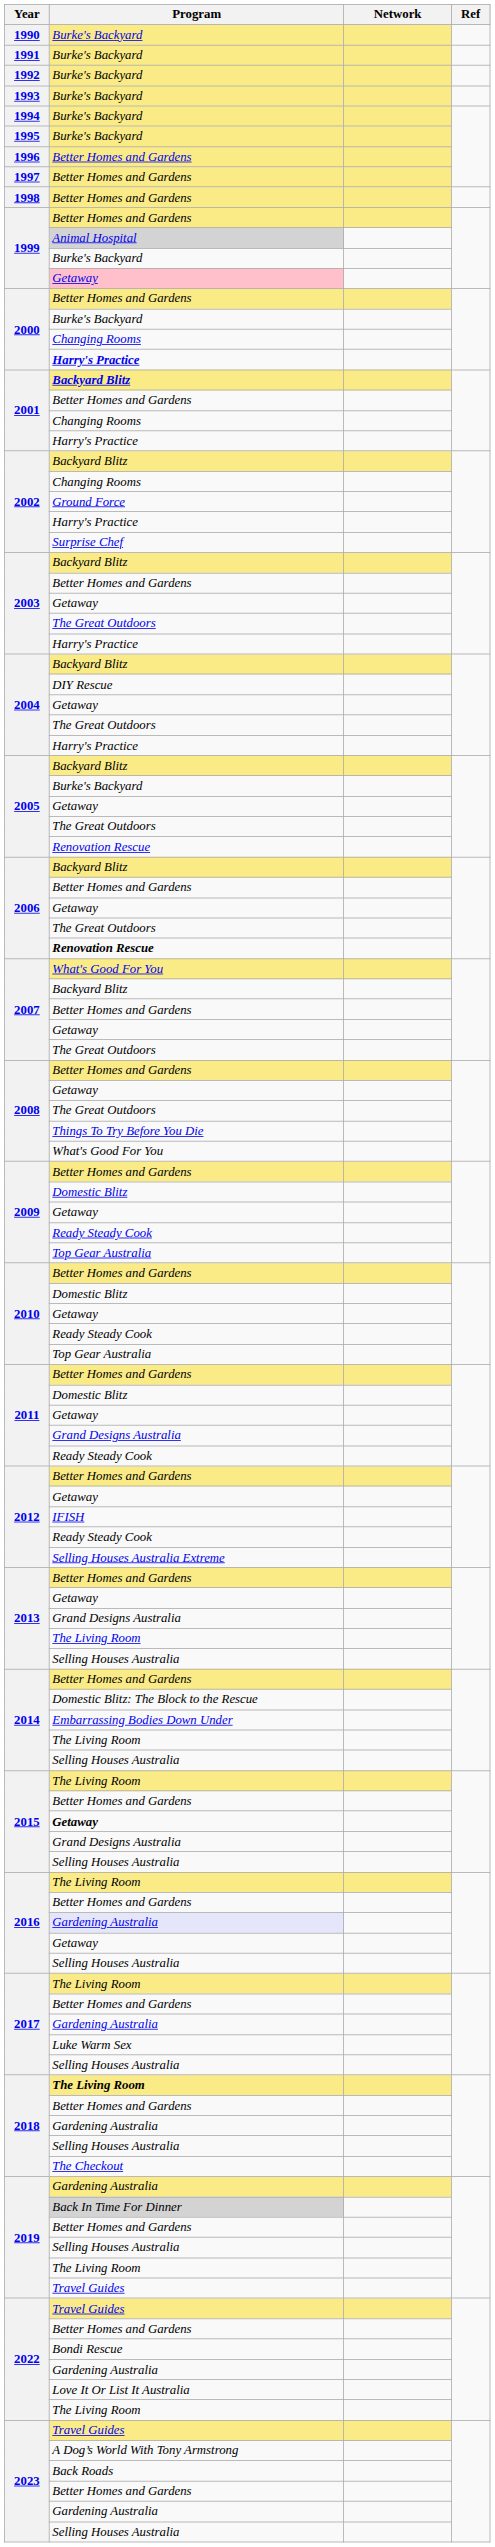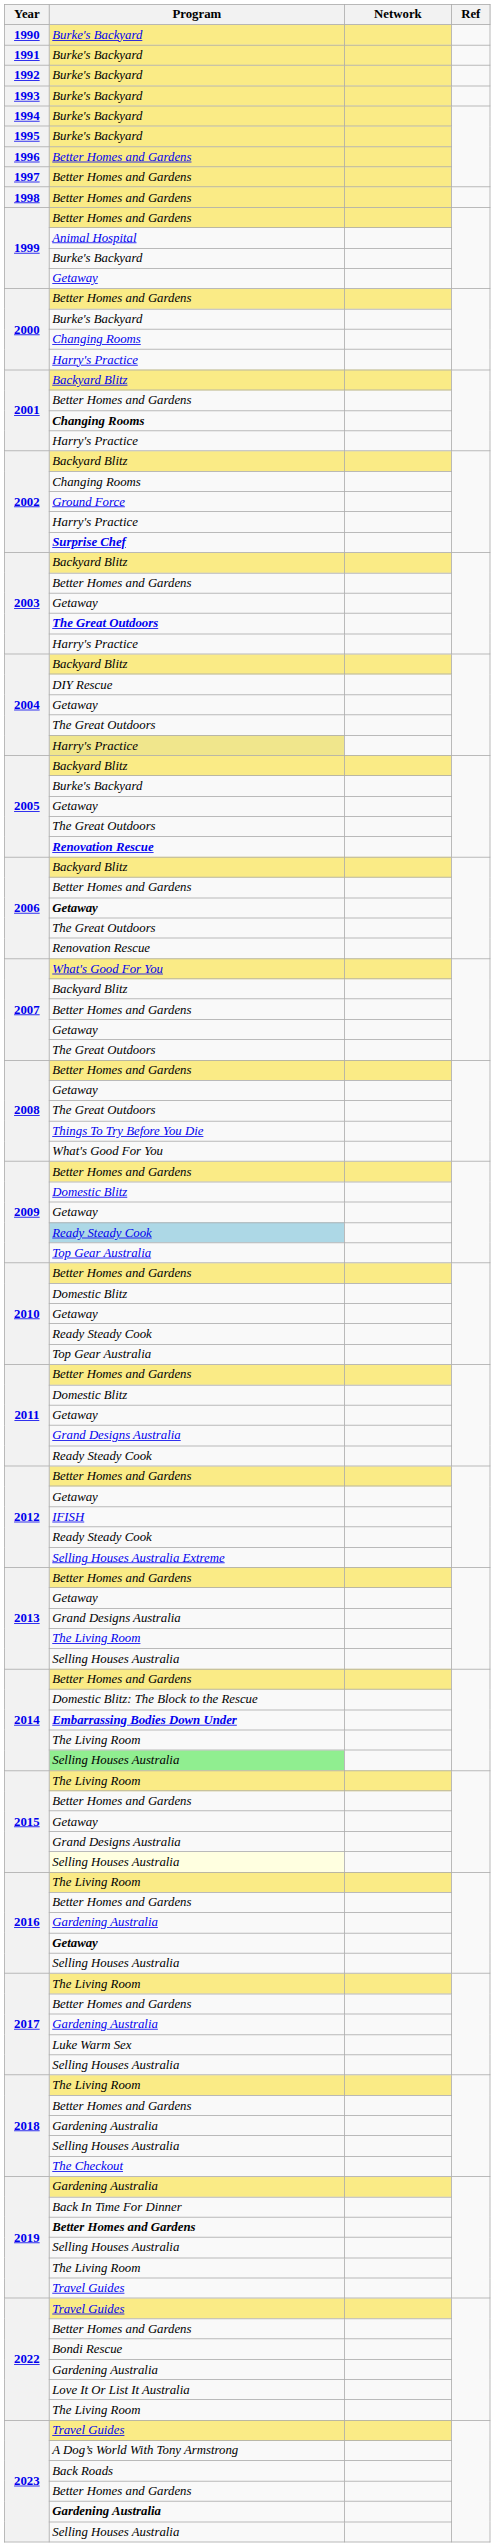 <table class="wikitable sortable">
 <tr style="background:#bebebe;">
 <th scope="col" style="width:1%;">Year</th>
 <th scope="col" style="width:16%;">Program</th>
 <th scope="col" style="width:4%;">Network</th>
 <th scope="col" style="width:1%;" class="unsortable">Ref</th>
 </tr>
 <tr>
 <th scope="row" style="text-align:center"><a href='#'>1990</a></th>
 <td style="background:#FAEB86"><em><a href='#'>Burke's Backyard</a></em></td>
 <td style="background:#FAEB86"></td>
 <td></td>
 </tr>
 <tr>
 <th scope="row" style="text-align:center"><a href='#'>1991</a></th>
 <td style="background:#FAEB86"><em>Burke's Backyard</em></td>
 <td style="background:#FAEB86"></td>
 <td></td>
 </tr>
 <tr>
 <th scope="row" style="text-align:center"><a href='#'>1992</a></th>
 <td style="background:#FAEB86"><em>Burke's Backyard</em></td>
 <td style="background:#FAEB86"></td>
 <td></td>
 </tr>
 <tr>
 <th scope="row" style="text-align:center"><a href='#'>1993</a></th>
 <td style="background:#FAEB86"><em>Burke's Backyard</em></td>
 <td style="background:#FAEB86"></td>
 <td></td>
 </tr>
 <tr>
 <th scope="row" style="text-align:center"><a href='#'>1994</a></th>
 <td style="background:#FAEB86"><em>Burke's Backyard</em></td>
 <td style="background:#FAEB86"></td>
 <td rowspan="4"></td>
 </tr>
 <tr>
 <th scope="row" style="text-align:center"><a href='#'>1995</a></th>
 <td style="background:#FAEB86"><em>Burke's Backyard</em></td>
 <td style="background:#FAEB86"></td>
 </tr>
 <tr>
 <th scope="row" style="text-align:center"><a href='#'>1996</a></th>
 <td style="background:#FAEB86"><em><a href='#'>Better Homes and Gardens</a></em></td>
 <td style="background:#FAEB86"></td>
 </tr>
 <tr>
 <th scope="row" style="text-align:center"><a href='#'>1997</a></th>
 <td style="background:#FAEB86"><em>Better Homes and Gardens</em></td>
 <td style="background:#FAEB86"></td>
 </tr>
 <tr>
 <th scope="row" style="text-align:center"><a href='#'>1998</a></th>
 <td style="background:#FAEB86"><em>Better Homes and Gardens</em></td>
 <td style="background:#FAEB86"></td>
 <td></td>
 </tr>
 <tr>
 <th scope="row" rowspan="4" style="text-align:center"><a href='#'>1999</a></th>
 <td style="background:#FAEB86"><em>Better Homes and Gardens</em></td>
 <td style="background:#FAEB86"></td>
 <td rowspan="4"></td>
 </tr>
 <tr>
-<td style="background: lightgrey;"><em><a href='#'>Animal Hospital</a></em></td>
+<td><em><a href='#'>Animal Hospital</a></em></td>
 <td></td>
 </tr>
 <tr>
 <td><em>Burke's Backyard</em></td>
 <td></td>
 </tr>
 <tr>
-<td style="background: pink;"><em><a href='#'>Getaway</a></em></td>
+<td><em><a href='#'>Getaway</a></em></td>
 <td></td>
 </tr>
 <tr>
 <th scope="row" rowspan="4" style="text-align:center"><a href='#'>2000</a></th>
 <td style="background:#FAEB86"><em>Better Homes and Gardens</em></td>
 <td style="background:#FAEB86"></td>
 <td rowspan="4"></td>
 </tr>
 <tr>
 <td><em>Burke's Backyard</em></td>
 <td></td>
 </tr>
 <tr>
 <td><em><a href='#'>Changing Rooms</a></em></td>
 <td></td>
 </tr>
 <tr>
-<td><strong><em><a href='#'>Harry's Practice</a></em></strong></td>
+<td><em><a href='#'>Harry's Practice</a></em></td>
 <td></td>
 </tr>
 <tr>
 <th scope="row" rowspan="4" style="text-align:center"><a href='#'>2001</a></th>
-<td style="background:#FAEB86"><strong><em><a href='#'>Backyard Blitz</a></em></strong></td>
+<td style="background:#FAEB86"><em><a href='#'>Backyard Blitz</a></em></td>
 <td style="background:#FAEB86"></td>
 <td rowspan="4"></td>
 </tr>
 <tr>
 <td><em>Better Homes and Gardens</em></td>
 <td></td>
 </tr>
 <tr>
-<td><em>Changing Rooms</em></td>
+<td><strong><em>Changing Rooms</em></strong></td>
 <td></td>
 </tr>
 <tr>
 <td><em>Harry's Practice</em></td>
 <td></td>
 </tr>
 <tr>
 <th scope="row" rowspan="5" style="text-align:center"><a href='#'>2002</a></th>
 <td style="background:#FAEB86"><em>Backyard Blitz</em></td>
 <td style="background:#FAEB86"></td>
 <td rowspan="5"></td>
 </tr>
 <tr>
 <td><em>Changing Rooms</em></td>
 <td></td>
 </tr>
 <tr>
 <td><em><a href='#'>Ground Force</a></em></td>
 <td></td>
 </tr>
 <tr>
 <td><em>Harry's Practice</em></td>
 <td></td>
 </tr>
 <tr>
-<td><em><a href='#'>Surprise Chef</a></em></td>
+<td><strong><em><a href='#'>Surprise Chef</a></em></strong></td>
 <td></td>
 </tr>
 <tr>
 <th scope="row" rowspan="5" style="text-align:center"><a href='#'>2003</a></th>
 <td style="background:#FAEB86"><em>Backyard Blitz</em></td>
 <td style="background:#FAEB86"></td>
 <td rowspan="5"></td>
 </tr>
 <tr>
 <td><em>Better Homes and Gardens</em></td>
 <td></td>
 </tr>
 <tr>
 <td><em>Getaway</em></td>
 <td></td>
 </tr>
 <tr>
-<td><em><a href='#'>The Great Outdoors</a></em></td>
+<td><strong><em><a href='#'>The Great Outdoors</a></em></strong></td>
 <td></td>
 </tr>
 <tr>
 <td><em>Harry's Practice</em></td>
 <td></td>
 </tr>
 <tr>
 <th scope="row" rowspan="5" style="text-align:center"><a href='#'>2004</a></th>
 <td style="background:#FAEB86"><em>Backyard Blitz</em></td>
 <td style="background:#FAEB86"></td>
 <td rowspan="5"></td>
 </tr>
 <tr>
 <td><em>DIY Rescue</em></td>
 <td></td>
 </tr>
 <tr>
 <td><em>Getaway</em></td>
 <td></td>
 </tr>
 <tr>
 <td><em>The Great Outdoors</em></td>
 <td></td>
 </tr>
 <tr>
-<td><em>Harry's Practice</em></td>
+<td style="background: khaki;"><em>Harry's Practice</em></td>
 <td></td>
 </tr>
 <tr>
 <th scope="row" rowspan="5" style="text-align:center"><a href='#'>2005</a></th>
 <td style="background:#FAEB86"><em>Backyard Blitz</em></td>
 <td style="background:#FAEB86"></td>
 <td rowspan="5"></td>
 </tr>
 <tr>
 <td><em>Burke's Backyard</em></td>
 <td></td>
 </tr>
 <tr>
 <td><em>Getaway</em></td>
 <td></td>
 </tr>
 <tr>
 <td><em>The Great Outdoors</em></td>
 <td></td>
 </tr>
 <tr>
-<td><em><a href='#'>Renovation Rescue</a></em></td>
+<td><strong><em><a href='#'>Renovation Rescue</a></em></strong></td>
 <td></td>
 </tr>
 <tr>
 <th scope="row" rowspan="5" style="text-align:center"><a href='#'>2006</a></th>
 <td style="background:#FAEB86"><em>Backyard Blitz</em></td>
 <td style="background:#FAEB86"></td>
 <td rowspan="5"></td>
 </tr>
 <tr>
 <td><em>Better Homes and Gardens</em></td>
 <td></td>
 </tr>
 <tr>
-<td><em>Getaway</em></td>
+<td><strong><em>Getaway</em></strong></td>
 <td></td>
 </tr>
 <tr>
 <td><em>The Great Outdoors</em></td>
 <td></td>
 </tr>
 <tr>
-<td><strong><em>Renovation Rescue</em></strong></td>
+<td><em>Renovation Rescue</em></td>
 <td></td>
 </tr>
 <tr>
 <th scope="row" rowspan="5" style="text-align:center"><a href='#'>2007</a></th>
 <td style="background:#FAEB86"><em><a href='#'>What's Good For You</a></em></td>
 <td style="background:#FAEB86"></td>
 <td rowspan="5"></td>
 </tr>
 <tr>
 <td><em>Backyard Blitz</em></td>
 <td></td>
 </tr>
 <tr>
 <td><em>Better Homes and Gardens</em></td>
 <td></td>
 </tr>
 <tr>
 <td><em>Getaway</em></td>
 <td></td>
 </tr>
 <tr>
 <td><em>The Great Outdoors</em></td>
 <td></td>
 </tr>
 <tr>
 <th scope="row" rowspan="5" style="text-align:center"><a href='#'>2008</a></th>
 <td style="background:#FAEB86"><em>Better Homes and Gardens</em></td>
 <td style="background:#FAEB86"></td>
 <td rowspan="5"></td>
 </tr>
 <tr>
 <td><em>Getaway</em></td>
 <td></td>
 </tr>
 <tr>
 <td><em>The Great Outdoors</em></td>
 <td></td>
 </tr>
 <tr>
 <td><em><a href='#'>Things To Try Before You Die</a></em></td>
 <td></td>
 </tr>
 <tr>
 <td><em>What's Good For You</em></td>
 <td></td>
 </tr>
 <tr>
 <th scope="row" rowspan="5" style="text-align:center"><a href='#'>2009</a></th>
 <td style="background:#FAEB86"><em>Better Homes and Gardens</em></td>
 <td style="background:#FAEB86"></td>
 <td rowspan="5"></td>
 </tr>
 <tr>
 <td><em><a href='#'>Domestic Blitz</a></em></td>
 <td></td>
 </tr>
 <tr>
 <td><em>Getaway</em></td>
 <td></td>
 </tr>
 <tr>
-<td><em><a href='#'>Ready Steady Cook</a></em></td>
+<td style="background: lightblue;"><em><a href='#'>Ready Steady Cook</a></em></td>
 <td></td>
 </tr>
 <tr>
 <td><em><a href='#'>Top Gear Australia</a></em></td>
 <td></td>
 </tr>
 <tr>
 <th scope="row" rowspan="5" style="text-align:center"><a href='#'>2010</a></th>
 <td style="background:#FAEB86"><em>Better Homes and Gardens</em></td>
 <td style="background:#FAEB86"></td>
 <td rowspan="5"></td>
 </tr>
 <tr>
 <td><em>Domestic Blitz</em></td>
 <td></td>
 </tr>
 <tr>
 <td><em>Getaway</em></td>
 <td></td>
 </tr>
 <tr>
 <td><em>Ready Steady Cook</em></td>
 <td></td>
 </tr>
 <tr>
 <td><em>Top Gear Australia</em></td>
 <td></td>
 </tr>
 <tr>
 <th scope="row" rowspan="5" style="text-align:center"><a href='#'>2011</a></th>
 <td style="background:#FAEB86"><em>Better Homes and Gardens</em></td>
 <td style="background:#FAEB86"></td>
 <td rowspan="5"></td>
 </tr>
 <tr>
 <td><em>Domestic Blitz</em></td>
 <td></td>
 </tr>
 <tr>
 <td><em>Getaway</em></td>
 <td></td>
 </tr>
 <tr>
 <td><em><a href='#'>Grand Designs Australia</a></em></td>
 <td></td>
 </tr>
 <tr>
 <td><em>Ready Steady Cook</em></td>
 <td></td>
 </tr>
 <tr>
 <th scope="row" rowspan="5" style="text-align:center"><a href='#'>2012</a></th>
 <td style="background:#FAEB86"><em>Better Homes and Gardens</em></td>
 <td style="background:#FAEB86"></td>
 <td rowspan="5"></td>
 </tr>
 <tr>
 <td><em>Getaway</em></td>
 <td></td>
 </tr>
 <tr>
 <td><em><a href='#'>IFISH</a></em></td>
 <td></td>
 </tr>
 <tr>
 <td><em>Ready Steady Cook</em></td>
 <td></td>
 </tr>
 <tr>
 <td><em><a href='#'>Selling Houses Australia Extreme</a></em></td>
 <td></td>
 </tr>
 <tr>
 <th scope="row" rowspan="5" style="text-align:center"><a href='#'>2013</a></th>
 <td style="background:#FAEB86"><em>Better Homes and Gardens</em></td>
 <td style="background:#FAEB86"></td>
 <td rowspan="5"></td>
 </tr>
 <tr>
 <td><em>Getaway</em></td>
 <td></td>
 </tr>
 <tr>
 <td><em>Grand Designs Australia</em></td>
 <td></td>
 </tr>
 <tr>
 <td><em><a href='#'>The Living Room</a></em></td>
 <td></td>
 </tr>
 <tr>
 <td><em>Selling Houses Australia</em></td>
 <td></td>
 </tr>
 <tr>
 <th scope="row" rowspan="5" style="text-align:center"><a href='#'>2014</a></th>
 <td style="background:#FAEB86"><em>Better Homes and Gardens</em></td>
 <td style="background:#FAEB86"></td>
 <td rowspan="5"></td>
 </tr>
 <tr>
 <td><em>Domestic Blitz: The Block to the Rescue</em></td>
 <td></td>
 </tr>
 <tr>
-<td><em><a href='#'>Embarrassing Bodies Down Under</a></em></td>
+<td><strong><em><a href='#'>Embarrassing Bodies Down Under</a></em></strong></td>
 <td></td>
 </tr>
 <tr>
 <td><em>The Living Room</em></td>
 <td></td>
 </tr>
 <tr>
-<td><em>Selling Houses Australia</em></td>
+<td style="background: lightgreen;"><em>Selling Houses Australia</em></td>
 <td></td>
 </tr>
 <tr>
 <th scope="row" rowspan="5" style="text-align:center"><a href='#'>2015</a></th>
 <td style="background:#FAEB86"><em>The Living Room</em></td>
 <td style="background:#FAEB86"></td>
 <td rowspan="5"></td>
 </tr>
 <tr>
 <td><em>Better Homes and Gardens</em></td>
 <td></td>
 </tr>
 <tr>
-<td><strong><em>Getaway</em></strong></td>
+<td><em>Getaway</em></td>
 <td></td>
 </tr>
 <tr>
 <td><em>Grand Designs Australia</em></td>
 <td></td>
 </tr>
 <tr>
-<td><em>Selling Houses Australia</em></td>
+<td style="background: lightyellow;"><em>Selling Houses Australia</em></td>
 <td></td>
 </tr>
 <tr>
 <th scope="row" rowspan="5" style="text-align:center"><a href='#'>2016</a></th>
 <td style="background:#FAEB86"><em>The Living Room</em></td>
 <td style="background:#FAEB86"></td>
 <td rowspan="5"></td>
 </tr>
 <tr>
 <td><em>Better Homes and Gardens</em></td>
 <td></td>
 </tr>
 <tr>
-<td style="background: lavender;"><em><a href='#'>Gardening Australia</a></em></td>
+<td><em><a href='#'>Gardening Australia</a></em></td>
 <td></td>
 </tr>
 <tr>
-<td><em>Getaway</em></td>
+<td><strong><em>Getaway</em></strong></td>
 <td></td>
 </tr>
 <tr>
 <td><em>Selling Houses Australia</em></td>
 <td></td>
 </tr>
 <tr>
 <th scope="row" rowspan="5" style="text-align:center"><a href='#'>2017</a></th>
 <td style="background:#FAEB86"><em>The Living Room</em></td>
 <td style="background:#FAEB86"></td>
 <td rowspan="5"></td>
 </tr>
 <tr>
 <td><em>Better Homes and Gardens</em></td>
 <td></td>
 </tr>
 <tr>
 <td><em><a href='#'>Gardening Australia</a></em></td>
 <td></td>
 </tr>
 <tr>
 <td><em>Luke Warm Sex</em></td>
 <td></td>
 </tr>
 <tr>
 <td><em>Selling Houses Australia</em></td>
 <td></td>
 </tr>
 <tr>
 <th scope="row" rowspan="5" style="text-align:center"><a href='#'>2018</a></th>
-<td style="background:#FAEB86"><strong><em>The Living Room</em></strong></td>
+<td style="background:#FAEB86"><em>The Living Room</em></td>
 <td style="background:#FAEB86"></td>
 <td rowspan="5"></td>
 </tr>
 <tr>
 <td><em>Better Homes and Gardens</em></td>
 <td></td>
 </tr>
 <tr>
 <td><em>Gardening Australia</em></td>
 <td></td>
 </tr>
 <tr>
 <td><em>Selling Houses Australia</em></td>
 <td></td>
 </tr>
 <tr>
 <td><em><a href='#'>The Checkout</a></em></td>
 <td></td>
 </tr>
 <tr>
 <th scope="row" rowspan="6" style="text-align:center"><a href='#'>2019</a></th>
 <td style="background:#FAEB86"><em>Gardening Australia</em></td>
 <td style="background:#FAEB86"></td>
 <td rowspan="6"></td>
 </tr>
 <tr>
-<td style="background: lightgrey;"><em>Back In Time For Dinner</em></td>
+<td><em>Back In Time For Dinner</em></td>
 <td></td>
 </tr>
 <tr>
-<td><em>Better Homes and Gardens</em></td>
+<td><strong><em>Better Homes and Gardens</em></strong></td>
 <td></td>
 </tr>
 <tr>
 <td><em>Selling Houses Australia</em></td>
 <td></td>
 </tr>
 <tr>
 <td><em>The Living Room</em></td>
 <td></td>
 </tr>
 <tr>
 <td><em><a href='#'>Travel Guides</a></em></td>
 <td></td>
 </tr>
 <tr>
 <th scope="row" rowspan="6" style="text-align:center"><a href='#'>2022</a></th>
 <td style="background:#FAEB86"><em><a href='#'>Travel Guides</a></em></td>
 <td style="background:#FAEB86"></td>
 <td rowspan="6"></td>
 </tr>
 <tr>
 <td><em>Better Homes and Gardens</em></td>
 <td></td>
 </tr>
 <tr>
 <td><em>Bondi Rescue</em></td>
 <td></td>
 </tr>
 <tr>
 <td><em>Gardening Australia</em></td>
 <td></td>
 </tr>
 <tr>
 <td><em>Love It Or List It Australia</em></td>
 <td></td>
 </tr>
 <tr>
 <td><em>The Living Room</em></td>
 <td></td>
 </tr>
 <tr>
 <th rowspan="6"><a href='#'>2023</a></th>
 <td style="background:#FAEB86"><em><a href='#'>Travel Guides</a></em></td>
 <td style="background:#FAEB86"></td>
 <td rowspan="6"></td>
 </tr>
 <tr>
 <td><em>A Dog’s World With Tony Armstrong</em></td>
 <td></td>
 </tr>
 <tr>
 <td><em>Back Roads</em></td>
 <td></td>
 </tr>
 <tr>
 <td><em>Better Homes and Gardens</em></td>
 <td></td>
 </tr>
 <tr>
-<td><em>Gardening Australia</em></td>
+<td><strong><em>Gardening Australia</em></strong></td>
 <td></td>
 </tr>
 <tr>
 <td><em>Selling Houses Australia</em></td>
 <td></td>
 </tr>
 </table>
